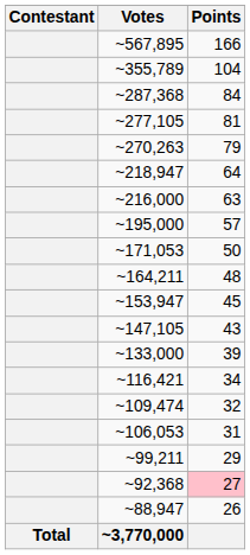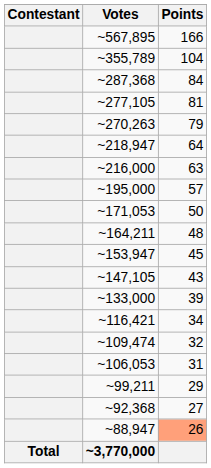 <table class="wikitable plainrowheaders" style="text-align:right;">
 <tr>
 </tr>
 <tr>
 <th scope="col">Contestant</th>
 <th scope="col">Votes</th>
 <th scope="col">Points</th>
 </tr>
 <tr>
 <th scope="row" style="text-align:left;"></th>
 <td>~567,895</td>
 <td>166</td>
 </tr>
 <tr>
 <th scope="row" style="text-align:left;"></th>
 <td>~355,789</td>
 <td>104</td>
 </tr>
 <tr>
 <th scope="row" style="text-align:left;"></th>
 <td>~287,368</td>
 <td>84</td>
 </tr>
 <tr>
 <th scope="row" style="text-align:left;"></th>
 <td>~277,105</td>
 <td>81</td>
 </tr>
 <tr>
 <th scope="row" style="text-align:left;"></th>
 <td>~270,263</td>
 <td>79</td>
 </tr>
 <tr>
 <th scope="row" style="text-align:left;"></th>
 <td>~218,947</td>
 <td>64</td>
 </tr>
 <tr>
 <th scope="row" style="text-align:left;"></th>
 <td>~216,000</td>
 <td>63</td>
 </tr>
 <tr>
 <th scope="row" style="text-align:left;"></th>
 <td>~195,000</td>
 <td>57</td>
 </tr>
 <tr>
 <th scope="row" style="text-align:left;"></th>
 <td>~171,053</td>
 <td>50</td>
 </tr>
 <tr>
 <th scope="row" style="text-align:left;"></th>
 <td>~164,211</td>
 <td>48</td>
 </tr>
 <tr>
 <th scope="row" style="text-align:left;"></th>
 <td>~153,947</td>
 <td>45</td>
 </tr>
 <tr>
 <th scope="row" style="text-align:left;"></th>
 <td>~147,105</td>
 <td>43</td>
 </tr>
 <tr>
 <th scope="row" style="text-align:left;"></th>
 <td>~133,000</td>
 <td>39</td>
 </tr>
 <tr>
 <th scope="row" style="text-align:left;"></th>
 <td>~116,421</td>
 <td>34</td>
 </tr>
 <tr>
 <th scope="row" style="text-align:left;"></th>
 <td>~109,474</td>
 <td>32</td>
 </tr>
 <tr>
 <th scope="row" style="text-align:left;"></th>
 <td>~106,053</td>
 <td>31</td>
 </tr>
 <tr>
 <th scope="row" style="text-align:left;"></th>
 <td>~99,211</td>
 <td>29</td>
 </tr>
 <tr>
 <th scope="row" style="text-align:left;"></th>
 <td>~92,368</td>
-<td style="background: pink;">27</td>
+<td>27</td>
 </tr>
 <tr>
 <th scope="row" style="text-align:left;"></th>
 <td>~88,947</td>
-<td>26</td>
+<td style="background: lightsalmon;">26</td>
 </tr>
 <tr>
 <th scope="row"><strong>Total</strong></th>
 <th>~3,770,000</th>
 <th></th>
 </tr>
 </table>
